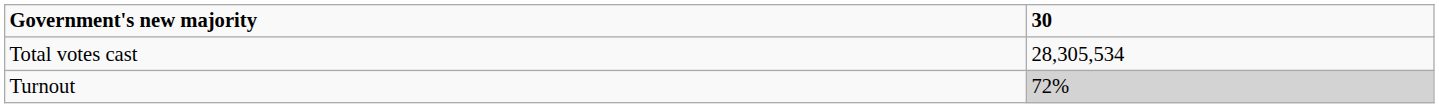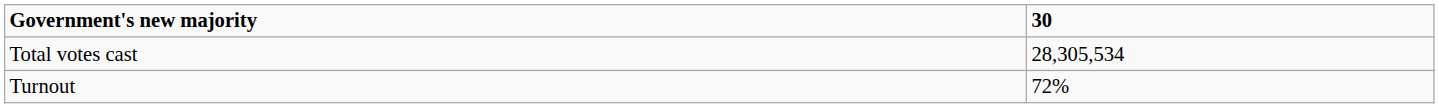 <table class="wikitable" style="width:70%">
 <tr>
 <td><strong>Government's new majority</strong></td>
 <td><strong>30</strong></td>
 </tr>
 <tr>
 <td>Total votes cast</td>
 <td>28,305,534</td>
 </tr>
 <tr>
 <td>Turnout</td>
-<td style="background: lightgrey;">72%</td>
+<td>72%</td>
 </tr>
 </table>
